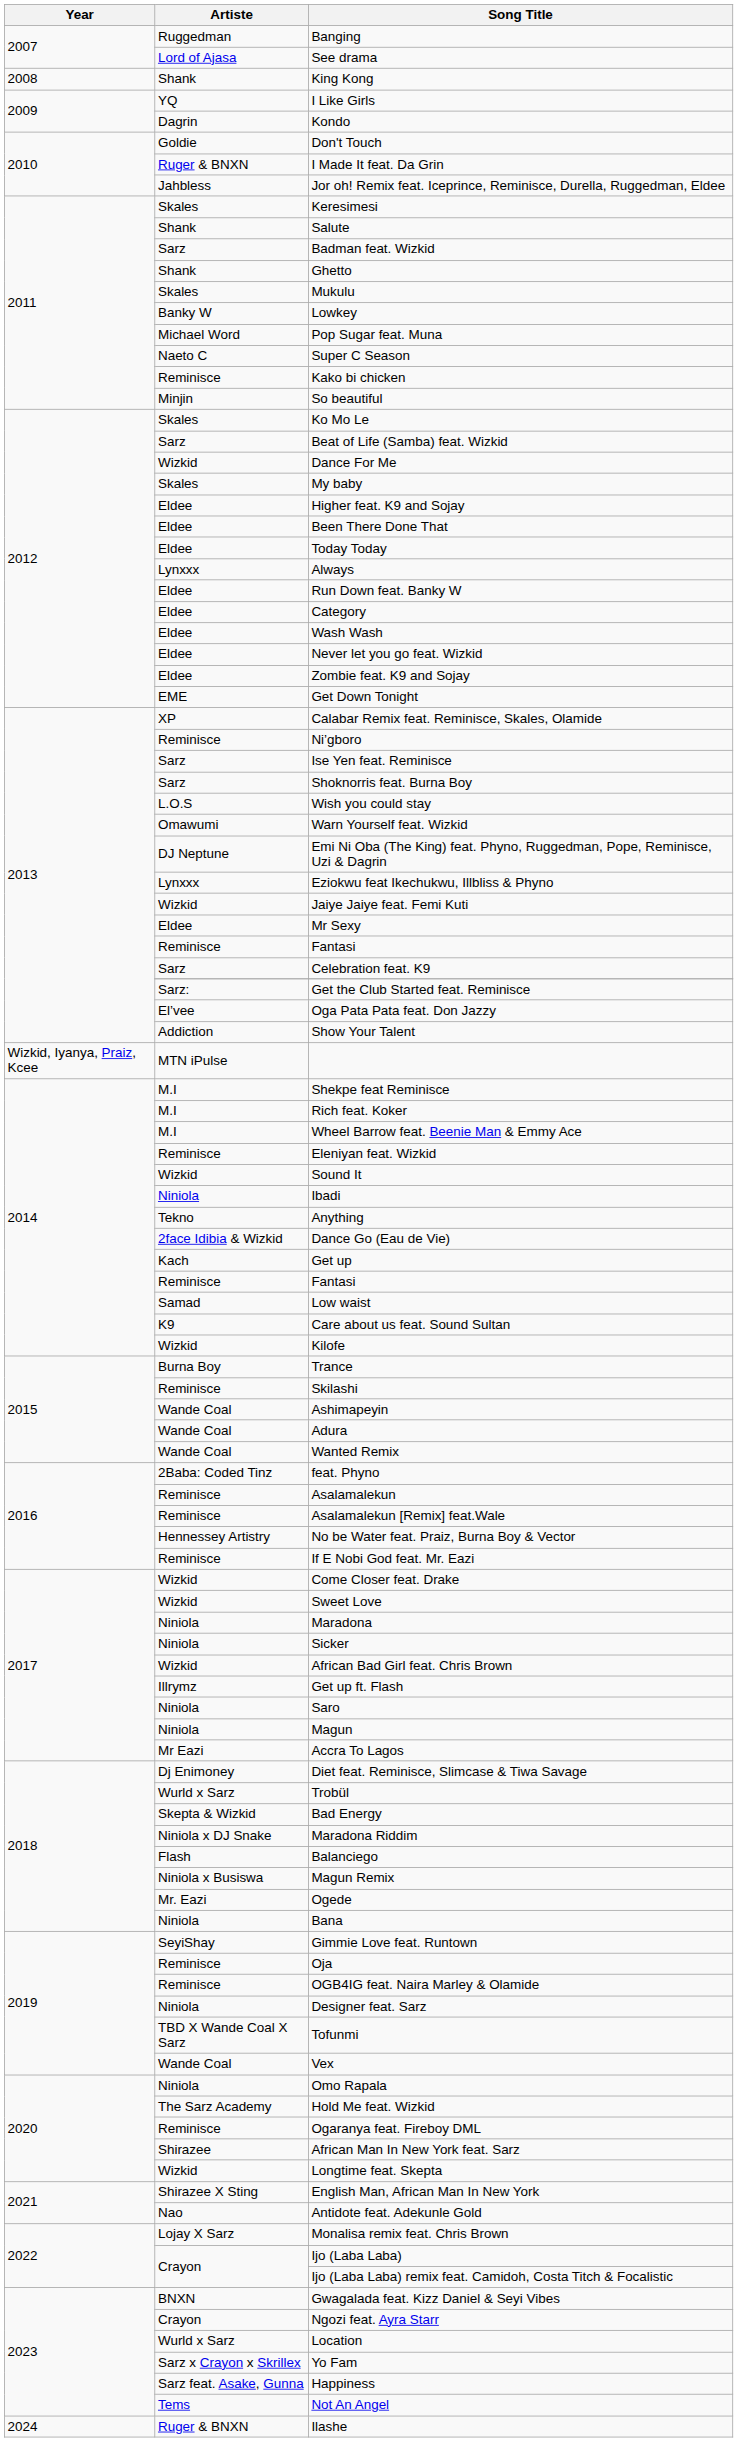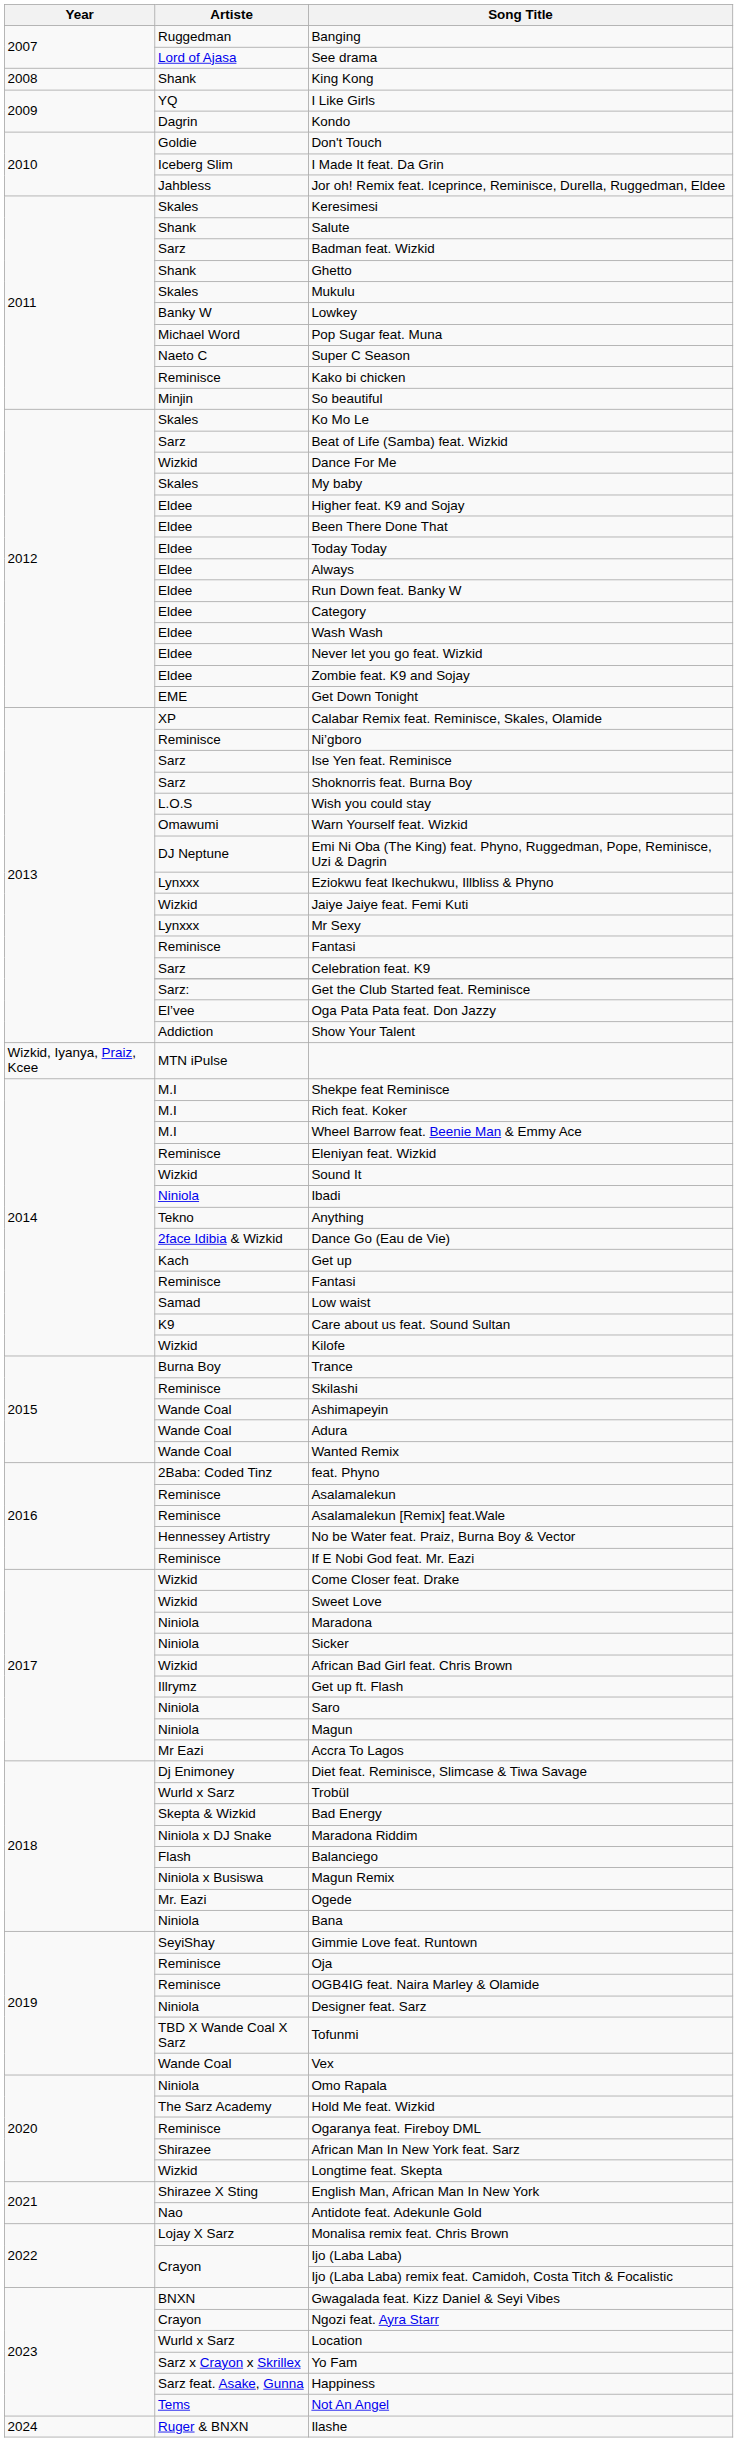 <table class ="wikitable">
 <tr>
 <th>Year</th>
 <th>Artiste</th>
 <th>Song Title</th>
 </tr>
 <tr>
 <td rowspan="2">2007</td>
 <td>Ruggedman</td>
 <td>Banging</td>
 </tr>
 <tr>
 <td><a href='#'>Lord of Ajasa</a></td>
 <td>See drama</td>
 </tr>
 <tr>
 <td>2008</td>
 <td>Shank</td>
 <td>King Kong</td>
 </tr>
 <tr>
 <td rowspan="2">2009</td>
 <td>YQ</td>
 <td>I Like Girls</td>
 </tr>
 <tr>
 <td>Dagrin</td>
 <td>Kondo</td>
 </tr>
 <tr>
 <td rowspan="3">2010</td>
 <td>Goldie</td>
 <td>Don't Touch</td>
 </tr>
 <tr>
-<td><a href='#'>Ruger</a> & BNXN</td>
+<td>Iceberg Slim</td>
 <td>I Made It feat. Da Grin</td>
 </tr>
 <tr>
 <td>Jahbless</td>
 <td>Jor oh! Remix feat. Iceprince, Reminisce, Durella, Ruggedman, Eldee</td>
 </tr>
 <tr>
 <td rowspan="10">2011</td>
 <td>Skales</td>
 <td>Keresimesi</td>
 </tr>
 <tr>
 <td>Shank</td>
 <td>Salute</td>
 </tr>
 <tr>
 <td>Sarz</td>
 <td>Badman feat. Wizkid</td>
 </tr>
 <tr>
 <td>Shank</td>
 <td>Ghetto</td>
 </tr>
 <tr>
 <td>Skales</td>
 <td>Mukulu</td>
 </tr>
 <tr>
 <td>Banky W</td>
 <td>Lowkey</td>
 </tr>
 <tr>
 <td>Michael Word</td>
 <td>Pop Sugar feat. Muna</td>
 </tr>
 <tr>
 <td>Naeto C</td>
 <td>Super C Season</td>
 </tr>
 <tr>
 <td>Reminisce</td>
 <td>Kako bi chicken</td>
 </tr>
 <tr>
 <td>Minjin</td>
 <td>So beautiful</td>
 </tr>
 <tr>
 <td rowspan="14">2012</td>
 <td>Skales</td>
 <td>Ko Mo Le</td>
 </tr>
 <tr>
 <td>Sarz</td>
 <td>Beat of Life (Samba) feat. Wizkid</td>
 </tr>
 <tr>
 <td>Wizkid</td>
 <td>Dance For Me</td>
 </tr>
 <tr>
 <td>Skales</td>
 <td>My baby</td>
 </tr>
 <tr>
 <td>Eldee</td>
 <td>Higher feat. K9 and Sojay</td>
 </tr>
 <tr>
 <td>Eldee</td>
 <td>Been There Done That</td>
 </tr>
 <tr>
 <td>Eldee</td>
 <td>Today Today</td>
 </tr>
 <tr>
-<td>Lynxxx</td>
+<td>Eldee</td>
 <td>Always</td>
 </tr>
 <tr>
 <td>Eldee</td>
 <td>Run Down feat. Banky W</td>
 </tr>
 <tr>
 <td>Eldee</td>
 <td>Category</td>
 </tr>
 <tr>
 <td>Eldee</td>
 <td>Wash Wash</td>
 </tr>
 <tr>
 <td>Eldee</td>
 <td>Never let you go feat. Wizkid</td>
 </tr>
 <tr>
 <td>Eldee</td>
 <td>Zombie feat. K9 and Sojay</td>
 </tr>
 <tr>
 <td>EME</td>
 <td>Get Down Tonight</td>
 </tr>
 <tr>
 <td rowspan="16">2013</td>
 <td>XP</td>
 <td>Calabar Remix feat. Reminisce, Skales, Olamide</td>
 </tr>
 <tr>
 <td>Reminisce</td>
 <td>Ni’gboro</td>
 </tr>
 <tr>
 <td>Sarz</td>
 <td>Ise Yen feat. Reminisce</td>
 </tr>
 <tr>
 <td>Sarz</td>
 <td>Shoknorris feat. Burna Boy</td>
 </tr>
 <tr>
 <td>L.O.S</td>
 <td>Wish you could stay</td>
 </tr>
 <tr>
 <td>Omawumi</td>
 <td>Warn Yourself feat. Wizkid</td>
 </tr>
 <tr>
 <td>DJ Neptune</td>
 <td>Emi Ni Oba (The King)  feat. Phyno, Ruggedman, Pope, Reminisce, Uzi & Dagrin</td>
 </tr>
 <tr>
 <td>Lynxxx</td>
 <td>Eziokwu feat Ikechukwu, Illbliss & Phyno</td>
 </tr>
 <tr>
 <td>Wizkid</td>
 <td>Jaiye Jaiye feat. Femi Kuti</td>
 </tr>
 <tr>
-<td>Eldee</td>
+<td>Lynxxx</td>
 <td>Mr Sexy</td>
 </tr>
 <tr>
 <td>Reminisce</td>
 <td>Fantasi</td>
 </tr>
 <tr>
 <td>Sarz</td>
 <td>Celebration feat. K9</td>
 </tr>
 <tr>
 </tr>
 <tr>
 <td>Sarz:</td>
 <td>Get the Club Started feat. Reminisce</td>
 </tr>
 <tr>
 <td>El’vee</td>
 <td>Oga Pata Pata feat. Don Jazzy</td>
 </tr>
 <tr>
 <td>Addiction</td>
 <td>Show Your Talent</td>
 </tr>
 <tr>
 <td>Wizkid, Iyanya, <a href='#'>Praiz</a>, Kcee</td>
 <td>MTN iPulse</td>
 </tr>
 <tr>
 <td rowspan="13">2014</td>
 <td>M.I</td>
 <td>Shekpe feat Reminisce</td>
 </tr>
 <tr>
 <td>M.I</td>
 <td>Rich feat. Koker</td>
 </tr>
 <tr>
 <td>M.I</td>
 <td>Wheel Barrow feat. <a href='#'>Beenie Man</a> & Emmy Ace</td>
 </tr>
 <tr>
 <td>Reminisce</td>
 <td>Eleniyan feat. Wizkid</td>
 </tr>
 <tr>
 <td>Wizkid</td>
 <td>Sound It</td>
 </tr>
 <tr>
 <td><a href='#'>Niniola</a></td>
 <td>Ibadi</td>
 </tr>
 <tr>
 <td>Tekno</td>
 <td>Anything</td>
 </tr>
 <tr>
 <td><a href='#'>2face Idibia</a> & Wizkid</td>
 <td>Dance Go (Eau de Vie)</td>
 </tr>
 <tr>
 <td>Kach</td>
 <td>Get up</td>
 </tr>
 <tr>
 <td>Reminisce</td>
 <td>Fantasi</td>
 </tr>
 <tr>
 <td>Samad</td>
 <td>Low waist</td>
 </tr>
 <tr>
 <td>K9</td>
 <td>Care about us feat. Sound Sultan</td>
 </tr>
 <tr>
 <td>Wizkid</td>
 <td>Kilofe</td>
 </tr>
 <tr>
 <td rowspan="5">2015</td>
 <td>Burna Boy</td>
 <td>Trance</td>
 </tr>
 <tr>
 <td>Reminisce</td>
 <td>Skilashi</td>
 </tr>
 <tr>
 <td>Wande Coal</td>
 <td>Ashimapeyin</td>
 </tr>
 <tr>
 <td>Wande Coal</td>
 <td>Adura</td>
 </tr>
 <tr>
 <td>Wande Coal</td>
 <td>Wanted Remix</td>
 </tr>
 <tr>
 <td rowspan="5">2016</td>
 <td>2Baba: Coded Tinz</td>
 <td>feat. Phyno</td>
 </tr>
 <tr>
 <td>Reminisce</td>
 <td>Asalamalekun</td>
 </tr>
 <tr>
 <td>Reminisce</td>
 <td>Asalamalekun [Remix] feat.Wale</td>
 </tr>
 <tr>
 <td>Hennessey Artistry</td>
 <td>No be Water feat. Praiz, Burna Boy & Vector</td>
 </tr>
 <tr>
 <td>Reminisce</td>
 <td>If E Nobi God feat. Mr. Eazi</td>
 </tr>
 <tr>
 <td rowspan="9">2017</td>
 <td>Wizkid</td>
 <td>Come Closer feat. Drake</td>
 </tr>
 <tr>
 <td>Wizkid</td>
 <td>Sweet Love</td>
 </tr>
 <tr>
 <td>Niniola</td>
 <td>Maradona</td>
 </tr>
 <tr>
 <td>Niniola</td>
 <td>Sicker</td>
 </tr>
 <tr>
 <td>Wizkid</td>
 <td>African Bad Girl feat. Chris Brown</td>
 </tr>
 <tr>
 <td>Illrymz</td>
 <td>Get up ft. Flash</td>
 </tr>
 <tr>
 <td>Niniola</td>
 <td>Saro</td>
 </tr>
 <tr>
 <td>Niniola</td>
 <td>Magun</td>
 </tr>
 <tr>
 <td>Mr Eazi</td>
 <td>Accra To Lagos</td>
 </tr>
 <tr>
 <td rowspan="8">2018</td>
 <td>Dj Enimoney</td>
 <td>Diet feat. Reminisce, Slimcase & Tiwa Savage</td>
 </tr>
 <tr>
 <td>Wurld x Sarz</td>
 <td>Trobül</td>
 </tr>
 <tr>
 <td>Skepta & Wizkid</td>
 <td>Bad Energy</td>
 </tr>
 <tr>
 <td>Niniola x DJ Snake</td>
 <td>Maradona Riddim</td>
 </tr>
 <tr>
 <td>Flash</td>
 <td>Balanciego</td>
 </tr>
 <tr>
 <td>Niniola x Busiswa</td>
 <td>Magun Remix</td>
 </tr>
 <tr>
 <td>Mr. Eazi</td>
 <td>Ogede</td>
 </tr>
 <tr>
 <td>Niniola</td>
 <td>Bana</td>
 </tr>
 <tr>
 <td rowspan="6">2019</td>
 <td>SeyiShay</td>
 <td>Gimmie Love feat. Runtown</td>
 </tr>
 <tr>
 <td>Reminisce</td>
 <td>Oja</td>
 </tr>
 <tr>
 <td>Reminisce</td>
 <td>OGB4IG feat. Naira Marley & Olamide</td>
 </tr>
 <tr>
 <td>Niniola</td>
 <td>Designer feat. Sarz</td>
 </tr>
 <tr>
 <td>TBD X Wande Coal X Sarz</td>
 <td>Tofunmi</td>
 </tr>
 <tr>
 <td>Wande Coal</td>
 <td>Vex</td>
 </tr>
 <tr>
 <td rowspan="5">2020</td>
 <td>Niniola</td>
 <td>Omo Rapala</td>
 </tr>
 <tr>
 <td>The Sarz Academy</td>
 <td>Hold Me feat. Wizkid</td>
 </tr>
 <tr>
 <td>Reminisce</td>
 <td>Ogaranya feat. Fireboy DML</td>
 </tr>
 <tr>
 <td>Shirazee</td>
 <td>African Man In New York feat. Sarz</td>
 </tr>
 <tr>
 <td>Wizkid</td>
 <td>Longtime feat. Skepta</td>
 </tr>
 <tr>
 <td rowspan="2">2021</td>
 <td>Shirazee X Sting</td>
 <td>English Man, African Man In New York</td>
 </tr>
 <tr>
 <td>Nao</td>
 <td>Antidote feat. Adekunle Gold</td>
 </tr>
 <tr>
 <td rowspan="3">2022</td>
 <td>Lojay X Sarz</td>
 <td>Monalisa remix feat. Chris Brown</td>
 </tr>
 <tr>
 <td rowspan="2">Crayon</td>
 <td>Ijo (Laba Laba)</td>
 </tr>
 <tr>
 <td>Ijo (Laba Laba) remix feat. Camidoh, Costa Titch & Focalistic</td>
 </tr>
 <tr>
 <td rowspan="6”">2023</td>
 <td>BNXN</td>
 <td>Gwagalada feat. Kizz Daniel & Seyi Vibes</td>
 </tr>
 <tr>
 <td>Crayon</td>
 <td>Ngozi feat. <a href='#'>Ayra Starr</a></td>
 </tr>
 <tr>
 <td>Wurld x Sarz</td>
 <td>Location</td>
 </tr>
 <tr>
 <td>Sarz x <a href='#'>Crayon</a> x <a href='#'>Skrillex</a></td>
 <td>Yo Fam</td>
 </tr>
 <tr>
 <td>Sarz feat. <a href='#'>Asake</a>, <a href='#'>Gunna</a></td>
 <td>Happiness</td>
 </tr>
 <tr>
 <td><a href='#'>Tems</a></td>
 <td><a href='#'>Not An Angel</a></td>
 </tr>
 <tr>
 <td rowspan="6”">2024</td>
 <td><a href='#'>Ruger</a> & BNXN</td>
 <td>Ilashe</td>
 </tr>
 </table>
